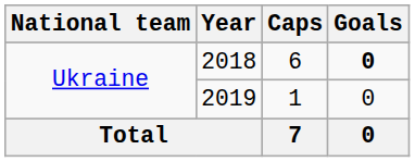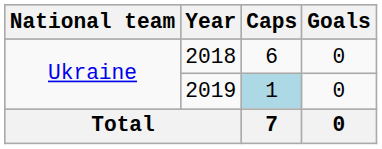 <table class="wikitable" style="text-align:center;">
 <tr>
 <th>National team</th>
 <th>Year</th>
 <th>Caps</th>
 <th>Goals</th>
 </tr>
 <tr>
 <td rowspan="2"><a href='#'>Ukraine</a></td>
 <td>2018</td>
 <td>6</td>
-<td><strong>0</strong></td>
+<td>0</td>
 </tr>
 <tr>
 <td>2019</td>
-<td>1</td>
+<td style="background: lightblue;">1</td>
 <td>0</td>
 </tr>
 <tr>
 <th colspan="2">Total</th>
 <th>7</th>
 <th>0</th>
 </tr>
 </table>
